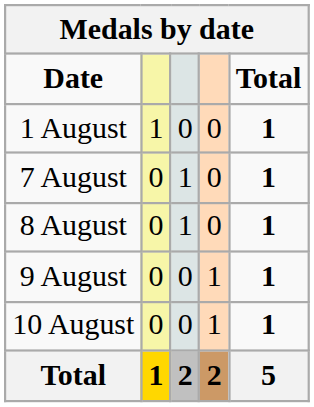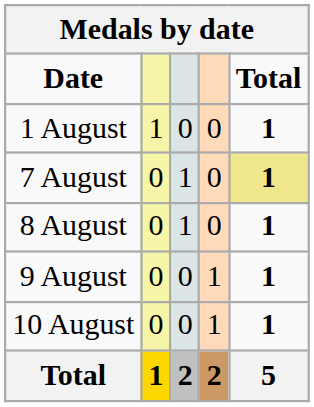 <table class="wikitable" style="font-size:85%">
 <tr bgcolor="#efefef">
 <th colspan=6>Medals by date</th>
 </tr>
 <tr align=center>
 <td><strong>Date</strong></td>
 <td bgcolor=#f7f6a8></td>
 <td bgcolor=#dce5e5></td>
 <td bgcolor=#ffdab9></td>
 <td><strong>Total</strong></td>
 </tr>
 <tr align=center>
 <td>1 August</td>
 <td style="background:#F7F6A8;">1</td>
 <td style="background:#DCE5E5;">0</td>
 <td style="background:#FFDAB9;">0</td>
 <td><strong>1</strong></td>
 </tr>
 <tr align=center>
 <td>7 August</td>
 <td style="background:#F7F6A8;">0</td>
 <td style="background:#DCE5E5;">1</td>
 <td style="background:#FFDAB9;">0</td>
-<td><strong>1</strong></td>
+<td style="background: khaki;"><strong>1</strong></td>
 </tr>
 <tr align=center>
 <td>8 August</td>
 <td style="background:#F7F6A8;">0</td>
 <td style="background:#DCE5E5;">1</td>
 <td style="background:#FFDAB9;">0</td>
 <td><strong>1</strong></td>
 </tr>
 <tr align=center>
 <td>9 August</td>
 <td style="background:#F7F6A8;">0</td>
 <td style="background:#DCE5E5;">0</td>
 <td style="background:#FFDAB9;">1</td>
 <td><strong>1</strong></td>
 </tr>
 <tr align=center>
 <td>10 August</td>
 <td style="background:#F7F6A8;">0</td>
 <td style="background:#DCE5E5;">0</td>
 <td style="background:#FFDAB9;">1</td>
 <td><strong>1</strong></td>
 </tr>
 <tr align=center>
 <th><strong>Total</strong></th>
 <th style="background:gold;"><strong>1</strong></th>
 <th style="background:silver;"><strong>2</strong></th>
 <th style="background:#c96;"><strong>2</strong></th>
 <th>5</th>
 </tr>
 </table>
